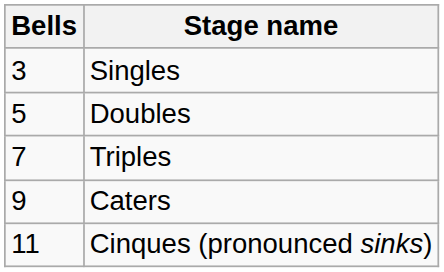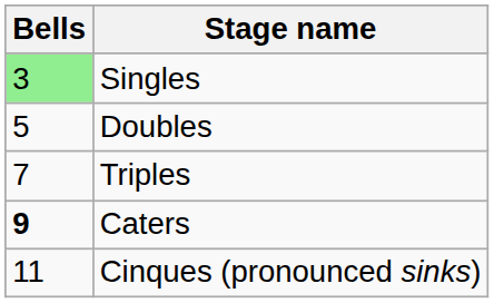 <table class="wikitable">
 <tr>
 <th>Bells</th>
 <th>Stage name</th>
 </tr>
 <tr>
-<td>3</td>
+<td style="background: lightgreen;">3</td>
 <td>Singles</td>
 </tr>
 <tr>
 <td>5</td>
 <td>Doubles</td>
 </tr>
 <tr>
 <td>7</td>
 <td>Triples</td>
 </tr>
 <tr>
-<td>9</td>
+<td><strong>9</strong></td>
 <td>Caters</td>
 </tr>
 <tr>
 <td>11</td>
 <td>Cinques (pronounced <em>sinks</em>)</td>
 </tr>
 </table>
